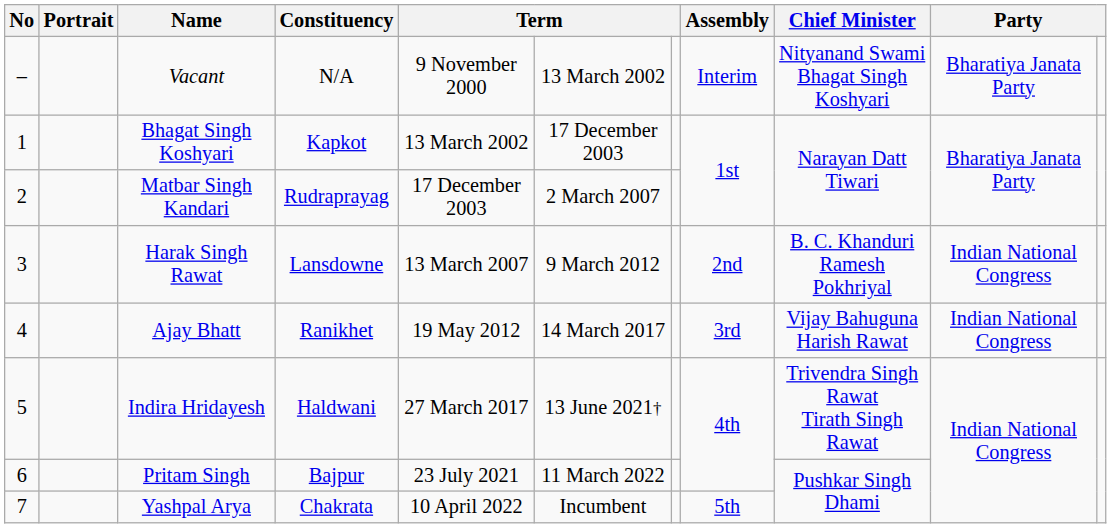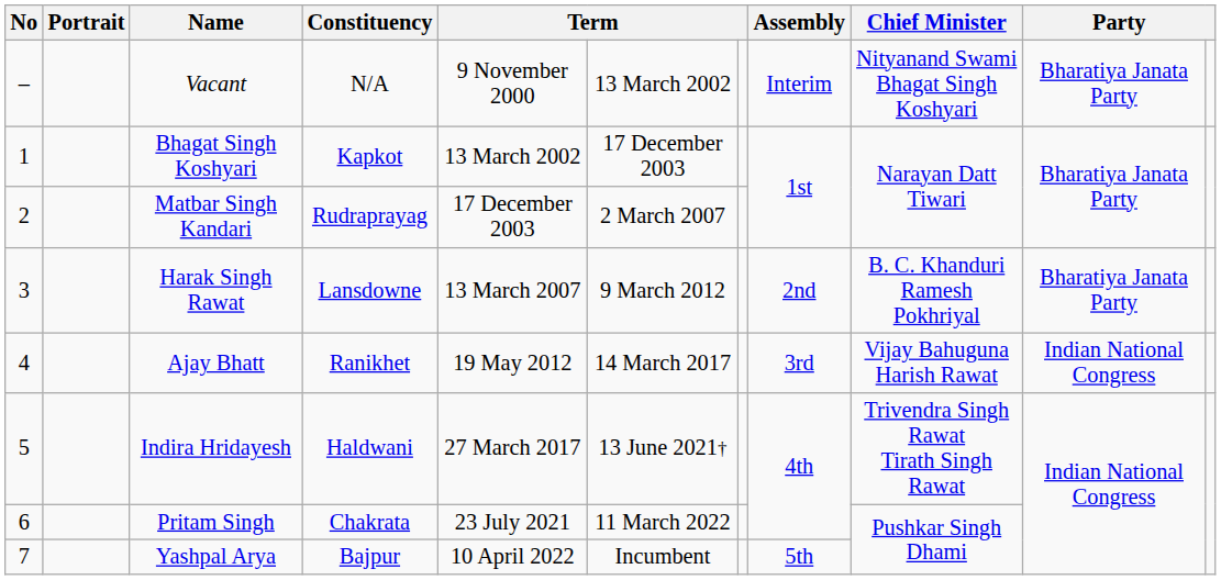 <table class="wikitable" style="text-align:center">
 <tr>
 <th>No</th>
 <th>Portrait</th>
 <th>Name</th>
 <th>Constituency</th>
 <th colspan="3">Term</th>
 <th>Assembly<br></th>
 <th><a href='#'>Chief Minister</a></th>
 <th colspan="2">Party</th>
 </tr>
 <tr>
 <td>–</td>
 <td></td>
 <td><em>Vacant</em></td>
 <td>N/A</td>
 <td>9 November 2000</td>
 <td>13 March 2002</td>
 <td></td>
 <td><a href='#'>Interim</a></td>
 <td><a href='#'>Nityanand Swami</a><br><a href='#'>Bhagat Singh Koshyari</a></td>
 <td><a href='#'>Bharatiya Janata Party</a></td>
 <td style="background-color: "></td>
 </tr>
 <tr>
 <td>1</td>
 <td></td>
 <td><a href='#'>Bhagat Singh Koshyari</a></td>
 <td><a href='#'>Kapkot</a></td>
 <td>13 March 2002</td>
 <td>17 December 2003</td>
 <td></td>
 <td rowspan="2"><a href='#'>1st</a><br></td>
 <td rowspan="2"><a href='#'>Narayan Datt Tiwari</a></td>
 <td rowspan="2"><a href='#'>Bharatiya Janata Party</a></td>
 <td rowspan="2" ; style="background-color: "></td>
 </tr>
 <tr>
 <td>2</td>
 <td></td>
 <td><a href='#'>Matbar Singh Kandari</a></td>
 <td><a href='#'>Rudraprayag</a></td>
 <td>17 December 2003</td>
 <td>2 March 2007</td>
 <td></td>
 </tr>
 <tr>
 <td>3</td>
 <td></td>
 <td><a href='#'>Harak Singh Rawat</a></td>
 <td><a href='#'>Lansdowne</a></td>
 <td>13 March 2007</td>
 <td>9 March 2012</td>
 <td></td>
 <td><a href='#'>2nd</a><br></td>
 <td><a href='#'>B. C. Khanduri</a><br><a href='#'>Ramesh Pokhriyal</a></td>
-<td><a href='#'>Indian National Congress</a></td>
+<td><a href='#'>Bharatiya Janata Party</a></td>
 <td style="background-color: "></td>
 </tr>
 <tr>
 <td>4</td>
 <td></td>
 <td><a href='#'>Ajay Bhatt</a></td>
 <td><a href='#'>Ranikhet</a></td>
 <td>19 May 2012</td>
 <td>14 March 2017</td>
 <td></td>
 <td><a href='#'>3rd</a><br></td>
 <td><a href='#'>Vijay Bahuguna</a><br><a href='#'>Harish Rawat</a></td>
 <td><a href='#'>Indian National Congress</a></td>
 <td style="background-color: "></td>
 </tr>
 <tr>
 <td>5</td>
 <td></td>
 <td><a href='#'>Indira Hridayesh</a></td>
 <td><a href='#'>Haldwani</a></td>
 <td>27 March 2017</td>
 <td>13 June 2021<small>†</small></td>
 <td></td>
 <td rowspan="2"><a href='#'>4th</a><br></td>
 <td><a href='#'>Trivendra Singh Rawat</a><br><a href='#'>Tirath Singh Rawat</a></td>
 <td rowspan="3"><a href='#'>Indian National Congress</a></td>
 <td rowspan="3" style="background-color: "></td>
 </tr>
 <tr>
 <td>6</td>
 <td></td>
 <td><a href='#'>Pritam Singh</a></td>
-<td><a href='#'>Bajpur</a></td>
+<td><a href='#'>Chakrata</a></td>
 <td>23 July 2021</td>
 <td>11 March 2022</td>
 <td></td>
 <td rowspan="2"><a href='#'>Pushkar Singh Dhami</a></td>
 </tr>
 <tr>
 <td>7</td>
 <td></td>
 <td><a href='#'>Yashpal Arya</a></td>
-<td><a href='#'>Chakrata</a></td>
+<td><a href='#'>Bajpur</a></td>
 <td>10 April 2022</td>
 <td>Incumbent</td>
 <td></td>
 <td><a href='#'>5th</a><br></td>
 </tr>
 </table>
